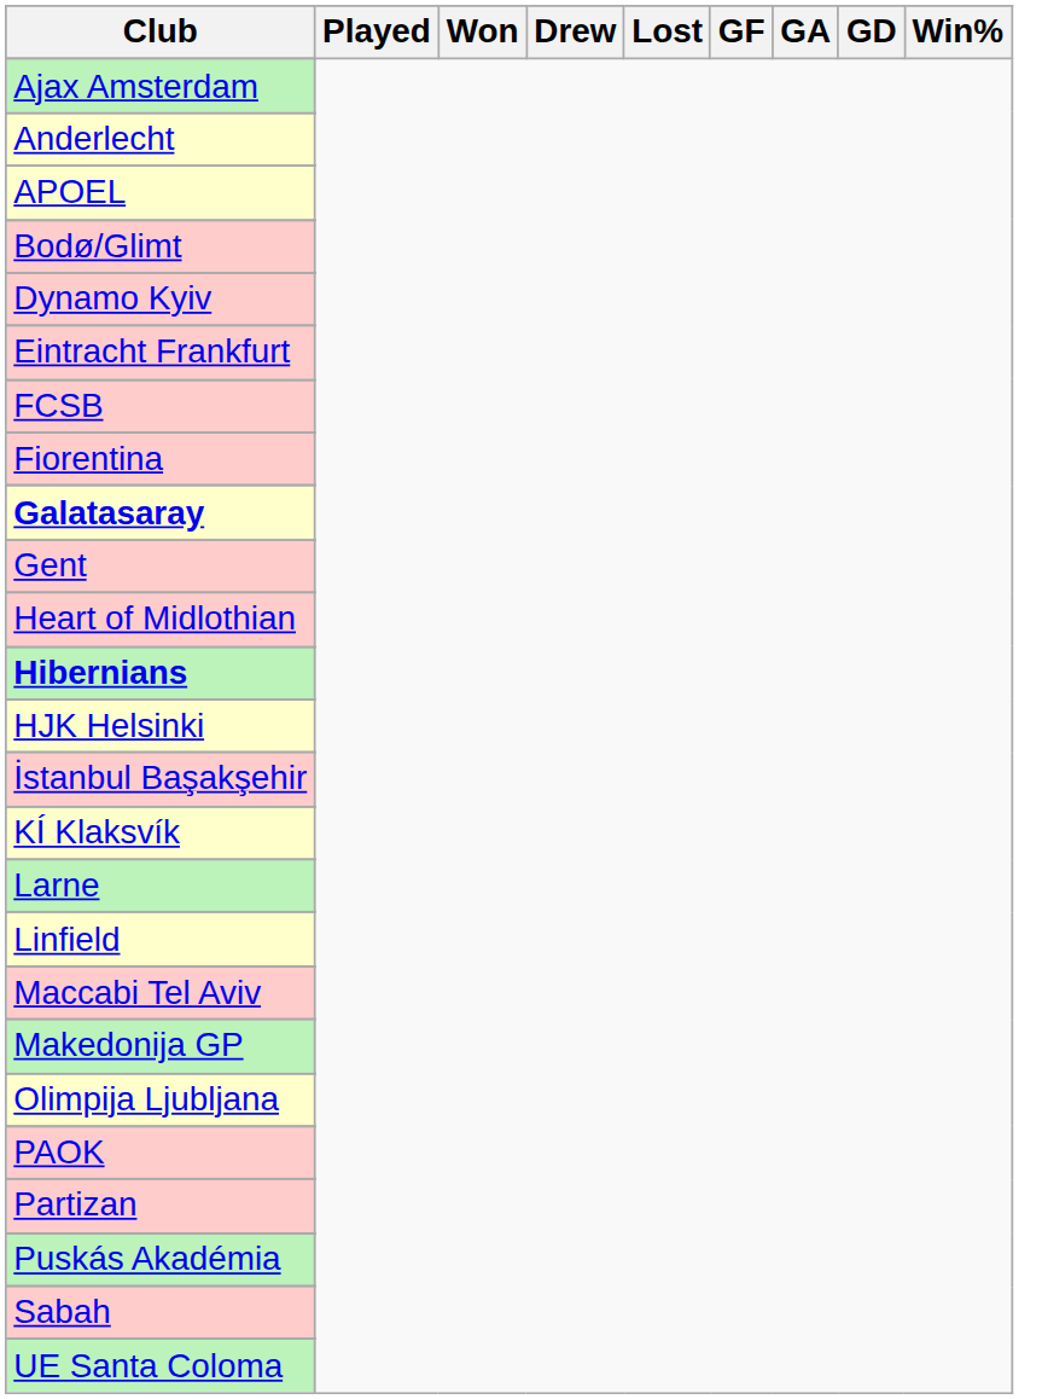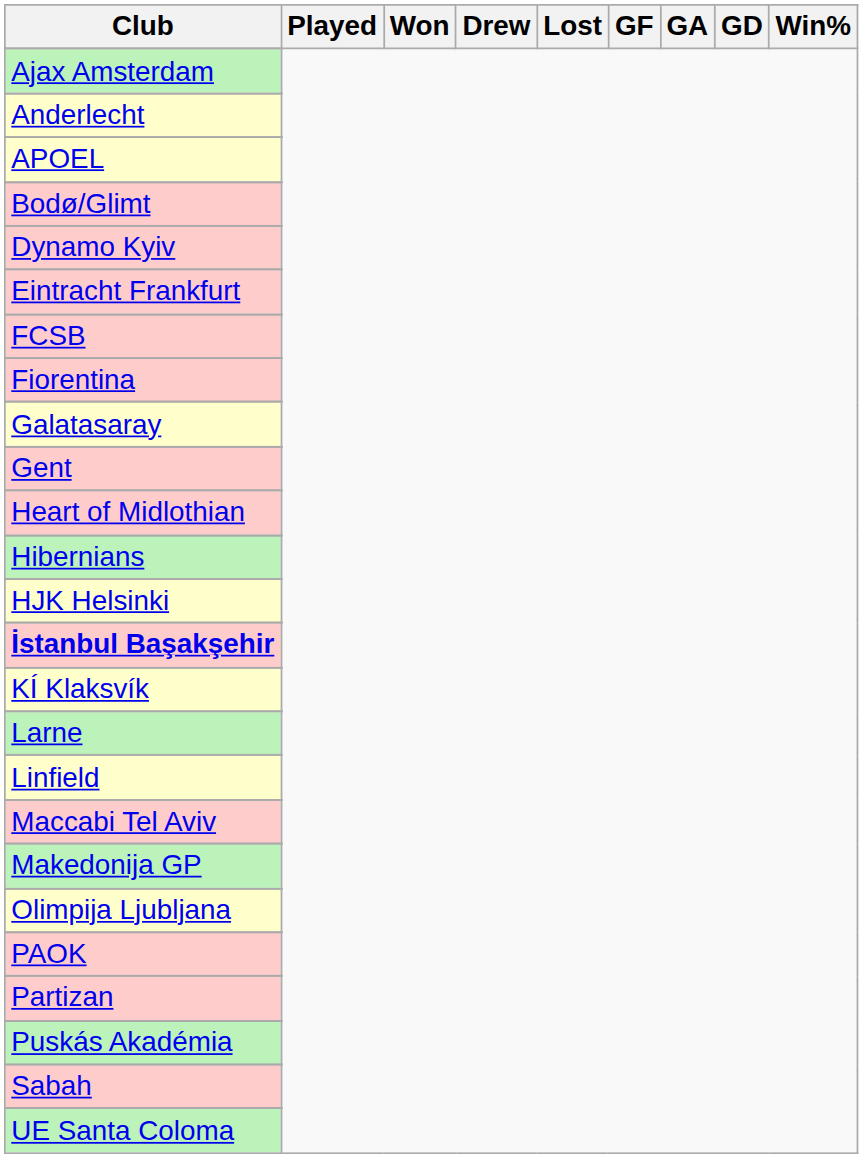 <table class="wikitable sortable" style="text-align: left;">
 <tr>
 <th>Club</th>
 <th>Played</th>
 <th>Won</th>
 <th>Drew</th>
 <th>Lost</th>
 <th>GF</th>
 <th>GA</th>
 <th>GD</th>
 <th>Win%</th>
 </tr>
 <tr>
 </tr>
 <tr bgcolor= "#bbf3bb">
 <td style=align=left> <a href='#'>Ajax Amsterdam</a><br></td>
 </tr>
 <tr>
 </tr>
 <tr bgcolor= "#ffffcc">
 <td style=align=left> <a href='#'>Anderlecht</a><br></td>
 </tr>
 <tr>
 </tr>
 <tr bgcolor= "#ffffcc">
 <td style=align=left> <a href='#'>APOEL</a><br></td>
 </tr>
 <tr>
 </tr>
 <tr bgcolor= "#ffcccc">
 <td style=align=left> <a href='#'>Bodø/Glimt</a><br></td>
 </tr>
 <tr>
 </tr>
 <tr bgcolor= "#ffcccc">
 <td style=align=left> <a href='#'>Dynamo Kyiv</a><br></td>
 </tr>
 <tr>
 </tr>
 <tr bgcolor= "#ffcccc">
 <td style=align=left> <a href='#'>Eintracht Frankfurt</a><br></td>
 </tr>
 <tr>
 </tr>
 <tr bgcolor= "#ffcccc">
 <td style=align=left> <a href='#'>FCSB</a><br></td>
 </tr>
 <tr>
 </tr>
 <tr bgcolor= "#ffcccc">
 <td style=align=left> <a href='#'>Fiorentina</a><br></td>
 </tr>
 <tr>
 </tr>
 <tr bgcolor= "#ffffcc">
-<td style=align=left><strong> <a href='#'>Galatasaray</a><br></strong></td>
+<td style=align=left> <a href='#'>Galatasaray</a><br></td>
 </tr>
 <tr>
 </tr>
 <tr bgcolor= "#ffcccc">
 <td style=align=left> <a href='#'>Gent</a><br></td>
 </tr>
 <tr>
 </tr>
 <tr bgcolor= "#ffcccc">
 <td style=align=left> <a href='#'>Heart of Midlothian</a><br></td>
 </tr>
 <tr>
 </tr>
 <tr bgcolor= "#bbf3bb">
-<td style=align=left><strong> <a href='#'>Hibernians</a><br></strong></td>
+<td style=align=left> <a href='#'>Hibernians</a><br></td>
 </tr>
 <tr>
 </tr>
 <tr bgcolor= "#ffffcc">
 <td style=align=left> <a href='#'>HJK Helsinki</a><br></td>
 </tr>
 <tr>
 </tr>
 <tr bgcolor= "#ffcccc">
-<td style=align=left> <a href='#'>İstanbul Başakşehir</a><br></td>
+<td style=align=left><strong> <a href='#'>İstanbul Başakşehir</a><br></strong></td>
 </tr>
 <tr>
 </tr>
 <tr bgcolor= "#ffffcc">
 <td style=align=left> <a href='#'>KÍ Klaksvík</a><br></td>
 </tr>
 <tr>
 </tr>
 <tr bgcolor= "bbf3bb">
 <td style=align=left> <a href='#'>Larne</a><br></td>
 </tr>
 <tr>
 </tr>
 <tr bgcolor= "#ffffcc">
 <td style=align=left> <a href='#'>Linfield</a><br></td>
 </tr>
 <tr>
 </tr>
 <tr bgcolor= "#ffcccc">
 <td style=align=left> <a href='#'>Maccabi Tel Aviv</a><br></td>
 </tr>
 <tr>
 </tr>
 <tr bgcolor= "#bbf3bb">
 <td style=align=left> <a href='#'>Makedonija GP</a><br></td>
 </tr>
 <tr>
 </tr>
 <tr bgcolor= "#ffffcc">
 <td style=align=left> <a href='#'>Olimpija Ljubljana</a><br></td>
 </tr>
 <tr>
 </tr>
 <tr bgcolor= "#ffcccc">
 <td style=align=left> <a href='#'>PAOK</a><br></td>
 </tr>
 <tr>
 </tr>
 <tr bgcolor= "#ffcccc">
 <td style=align=left> <a href='#'>Partizan</a><br></td>
 </tr>
 <tr>
 </tr>
 <tr bgcolor= "#bbf3bb">
 <td style=align=left> <a href='#'>Puskás Akadémia</a><br></td>
 </tr>
 <tr>
 </tr>
 <tr bgcolor= "#ffcccc">
 <td style=align=left> <a href='#'>Sabah</a><br></td>
 </tr>
 <tr>
 </tr>
 <tr bgcolor= "#bbf3bb">
 <td style=align=left> <a href='#'>UE Santa Coloma</a><br></td>
 </tr>
 </table>
